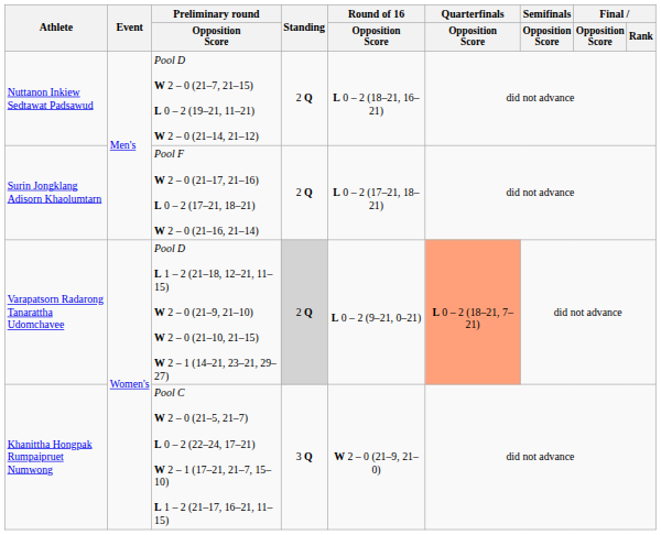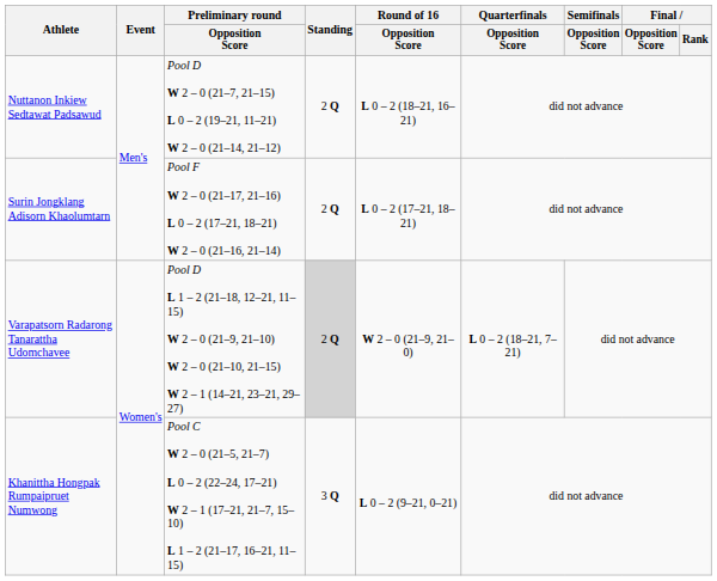 <table class=wikitable style="font-size:90%">
 <tr>
 <th rowspan="2">Athlete</th>
 <th rowspan="2">Event</th>
 <th>Preliminary round</th>
 <th rowspan="2">Standing</th>
 <th>Round of 16</th>
 <th>Quarterfinals</th>
 <th>Semifinals</th>
 <th colspan=2>Final / </th>
 </tr>
 <tr style="font-size:95%">
 <th>Opposition<br>Score</th>
 <th>Opposition<br>Score</th>
 <th>Opposition<br>Score</th>
 <th>Opposition<br>Score</th>
 <th>Opposition<br>Score</th>
 <th>Rank</th>
 </tr>
 <tr align=center>
 <td align=left><a href='#'>Nuttanon Inkiew</a><br><a href='#'>Sedtawat Padsawud</a></td>
 <td align=left rowspan=2><a href='#'>Men's</a></td>
 <td align=left><em>Pool D</em><br><br><strong>W</strong> 2 – 0 (21–7, 21–15) <br> <br><strong>L</strong> 0 – 2 (19–21, 11–21) <br> <br><strong>W</strong> 2 – 0 (21–14, 21–12)</td>
 <td>2 <strong>Q</strong></td>
 <td> <br><strong>L</strong> 0 – 2 (18–21, 16–21)</td>
 <td colspan=4>did not advance</td>
 </tr>
 <tr align=center>
 <td align=left><a href='#'>Surin Jongklang</a><br><a href='#'>Adisorn Khaolumtarn</a></td>
 <td align=left><em>Pool F</em><br> <br><strong>W</strong> 2 – 0 (21–17, 21–16) <br> <br><strong>L</strong> 0 – 2 (17–21, 18–21) <br> <br><strong>W</strong> 2 – 0 (21–16, 21–14)</td>
 <td>2 <strong>Q</strong></td>
 <td> <br><strong>L</strong> 0 – 2 (17–21, 18–21)</td>
 <td colspan=4>did not advance</td>
 </tr>
 <tr align=center>
 <td align=left><a href='#'>Varapatsorn Radarong</a><br><a href='#'>Tanarattha Udomchavee</a></td>
 <td align=left rowspan=2><a href='#'>Women's</a></td>
 <td align=left><em>Pool D</em><br> <br><strong>L</strong> 1 – 2 (21–18, 12–21, 11–15) <br> <br><strong>W</strong> 2 – 0 (21–9, 21–10) <br> <br><strong>W</strong> 2 – 0 (21–10, 21–15) <br> <br><strong>W</strong> 2 – 1 (14–21, 23–21, 29–27)</td>
 <td style="background: lightgrey;">2 <strong>Q</strong></td>
-<td> <br><strong>L</strong> 0 – 2 (9–21, 0–21)</td>
-<td style="background: lightsalmon;"> <br><strong>L</strong> 0 – 2 (18–21, 7–21)</td>
+<td> <br><strong>W</strong> 2 – 0 (21–9, 21–0)</td>
+<td> <br><strong>L</strong> 0 – 2 (18–21, 7–21)</td>
 <td colspan=3>did not advance</td>
 </tr>
 <tr align=center>
 <td align=left><a href='#'>Khanittha Hongpak</a><br><a href='#'>Rumpaipruet Numwong</a></td>
 <td align=left><em>Pool C</em><br><br><strong>W</strong> 2 – 0 (21–5, 21–7)<br> <br><strong>L</strong> 0 – 2 (22–24, 17–21) <br> <br><strong>W</strong> 2 – 1 (17–21, 21–7, 15–10) <br> <br><strong>L</strong> 1 – 2 (21–17, 16–21, 11–15)</td>
 <td>3 <strong>Q</strong></td>
-<td> <br><strong>W</strong> 2 – 0 (21–9, 21–0)</td>
+<td> <br><strong>L</strong> 0 – 2 (9–21, 0–21)</td>
 <td colspan=4>did not advance</td>
 </tr>
 </table>
